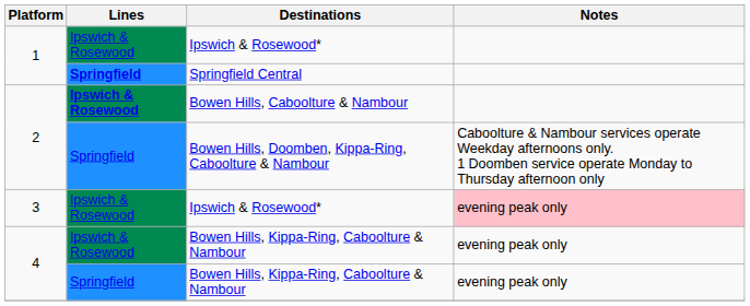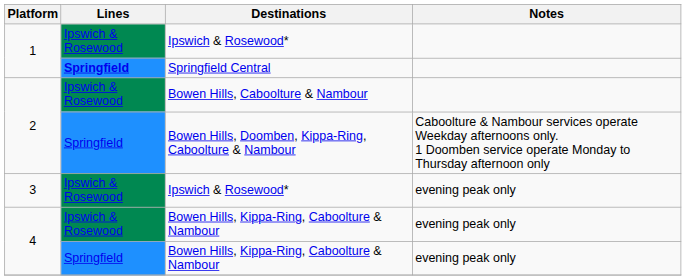 <table class="wikitable" style="float: none; margin: 0.5em; ">
 <tr>
 <th>Platform</th>
 <th>Lines</th>
 <th>Destinations</th>
 <th>Notes</th>
 </tr>
 <tr>
 <td rowspan="2" style="text-align:center;">1</td>
 <td style=background:#008851><a href='#'><span>Ipswich & Rosewood</span></a></td>
 <td><a href='#'>Ipswich</a> & <a href='#'>Rosewood</a>*</td>
 <td></td>
 </tr>
 <tr>
 <td style=background:#1e90ff><strong><a href='#'><span>Springfield</span></a></strong></td>
 <td><a href='#'>Springfield Central</a></td>
 <td></td>
 </tr>
 <tr>
 <td rowspan="2" style="text-align:center;">2</td>
-<td style=background:#008851><strong><a href='#'><span>Ipswich & Rosewood</span></a></strong></td>
+<td style=background:#008851><a href='#'><span>Ipswich & Rosewood</span></a></td>
 <td><a href='#'>Bowen Hills</a>, <a href='#'>Caboolture</a> & <a href='#'>Nambour</a></td>
 <td></td>
 </tr>
 <tr>
 <td style=background:#1e90ff><a href='#'><span>Springfield</span></a></td>
 <td><a href='#'>Bowen Hills</a>, <a href='#'>Doomben</a>, <a href='#'>Kippa-Ring</a>, <a href='#'>Caboolture</a> & <a href='#'>Nambour</a></td>
 <td>Caboolture & Nambour services operate Weekday afternoons only.<br>1 Doomben service operate Monday to Thursday afternoon only</td>
 </tr>
 <tr>
 <td rowspan="1" style="text-align:center;">3</td>
 <td style=background:#008851><a href='#'><span>Ipswich & Rosewood</span></a></td>
 <td><a href='#'>Ipswich</a> & <a href='#'>Rosewood</a>*</td>
-<td style="background: pink;">evening peak only</td>
+<td>evening peak only</td>
 </tr>
 <tr>
 <td rowspan="2" style="text-align:center;">4</td>
 <td style=background:#008851><a href='#'><span>Ipswich & Rosewood</span></a></td>
 <td><a href='#'>Bowen Hills</a>, <a href='#'>Kippa-Ring</a>, <a href='#'>Caboolture</a> & <a href='#'>Nambour</a></td>
 <td>evening peak only</td>
 </tr>
 <tr>
 <td style=background:#1e90ff><a href='#'><span>Springfield</span></a></td>
 <td><a href='#'>Bowen Hills</a>, <a href='#'>Kippa-Ring</a>, <a href='#'>Caboolture</a> & <a href='#'>Nambour</a></td>
 <td>evening peak only</td>
 </tr>
 <tr>
 </tr>
 </table>
